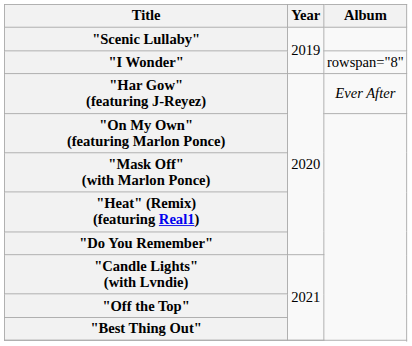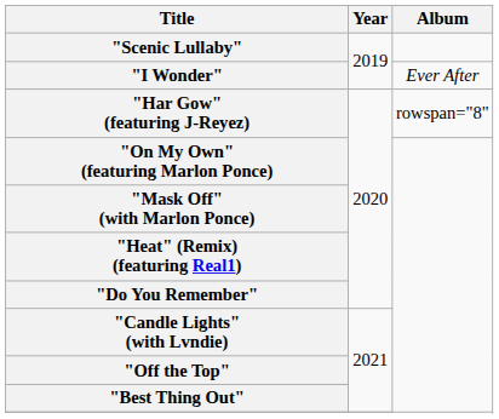 <table class="wikitable plainrowheaders" style="text-align:center;">
 <tr>
 <th scope="col" style="width:19em;">Title</th>
 <th scope="col">Year</th>
 <th scope="col">Album</th>
 </tr>
 <tr>
 <th scope="row">"Scenic Lullaby"</th>
 <td rowspan="2">2019</td>
 <td></td>
 </tr>
 <tr>
 <th scope="row">"I Wonder"</th>
-<td>rowspan="8" </td>
+<td><em>Ever After</em></td>
 </tr>
 <tr>
 <th scope="row">"Har Gow"<br><span>(featuring J-Reyez)</span></th>
 <td rowspan="5">2020</td>
-<td><em>Ever After</em></td>
+<td>rowspan="8" </td>
 </tr>
 <tr>
 <th scope="row">"On My Own"<br><span>(featuring Marlon Ponce)</span></th>
 </tr>
 <tr>
 <th scope="row">"Mask Off"<br><span>(with Marlon Ponce)</span></th>
 </tr>
 <tr>
 <th scope="row">"Heat" (Remix)<br><span>(featuring <a href='#'>Real1</a>)</span></th>
 </tr>
 <tr>
 <th scope="row">"Do You Remember"</th>
 </tr>
 <tr>
 <th scope="row">"Candle Lights"<br><span>(with Lvndie)</span></th>
 <td rowspan="3">2021</td>
 </tr>
 <tr>
 <th scope="row">"Off the Top"</th>
 </tr>
 <tr>
 <th scope="row">"Best Thing Out"</th>
 </tr>
 <tr>
 </tr>
 </table>
